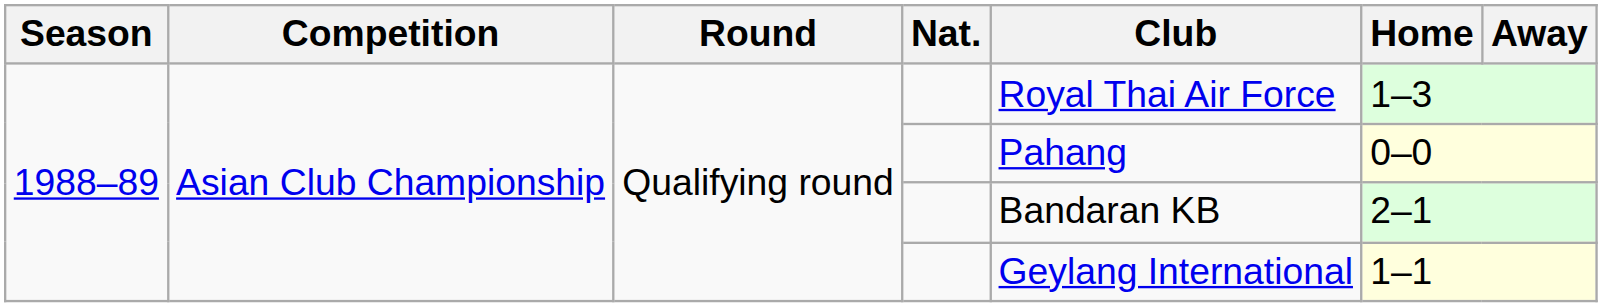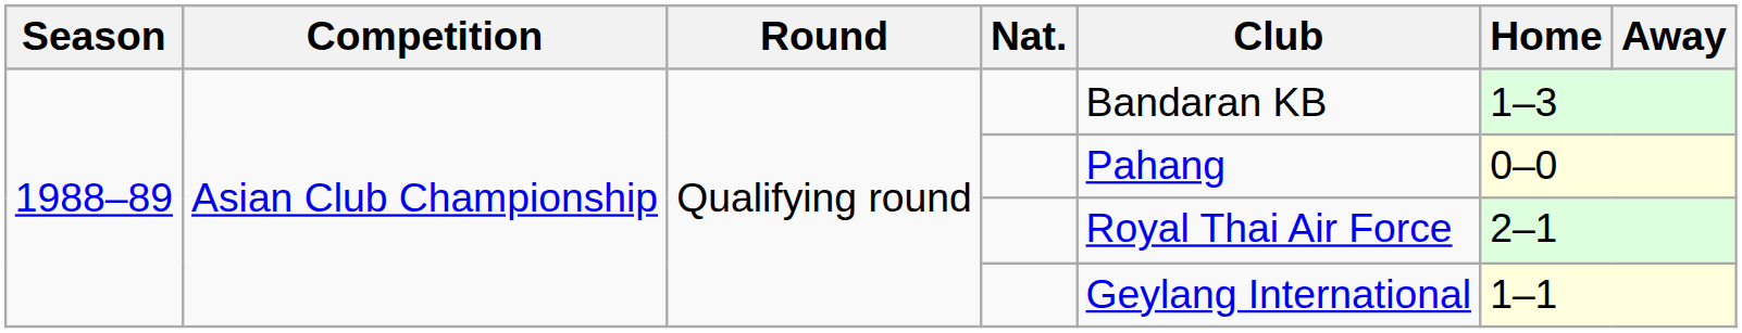 <table class="wikitable">
 <tr>
 <th>Season</th>
 <th>Competition</th>
 <th>Round</th>
 <th>Nat.</th>
 <th>Club</th>
 <th>Home</th>
 <th>Away</th>
 </tr>
 <tr>
 <td rowspan="4"><a href='#'>1988–89</a></td>
 <td rowspan="4"><a href='#'>Asian Club Championship</a></td>
 <td rowspan="4">Qualifying round</td>
 <td></td>
-<td><a href='#'>Royal Thai Air Force</a></td>
+<td>Bandaran KB</td>
 <td colspan="2" style="background:#dfd;">1–3</td>
 </tr>
 <tr>
 <td></td>
 <td><a href='#'>Pahang</a></td>
 <td colspan="2" style="background:#ffd;">0–0</td>
 </tr>
 <tr>
 <td></td>
-<td>Bandaran KB</td>
+<td><a href='#'>Royal Thai Air Force</a></td>
 <td colspan="2" style="background:#dfd;">2–1</td>
 </tr>
 <tr>
 <td></td>
 <td><a href='#'>Geylang International</a></td>
 <td colspan="2" style="background:#ffd;">1–1</td>
 </tr>
 </table>
